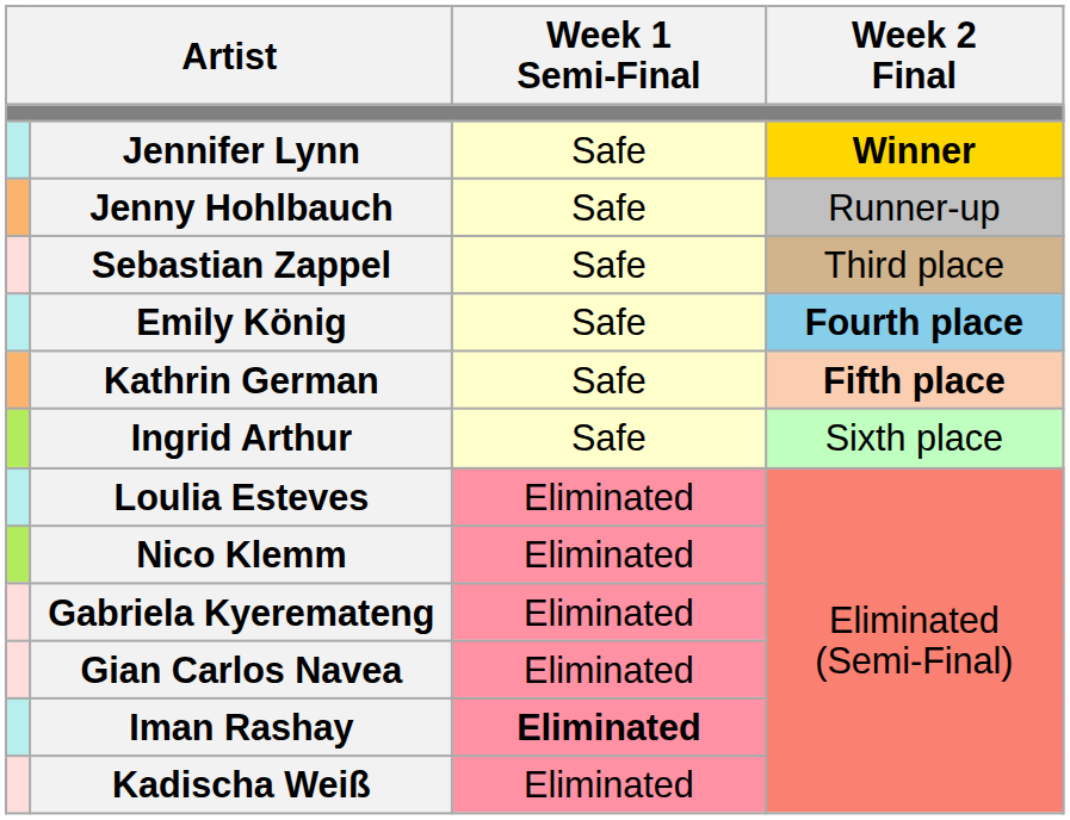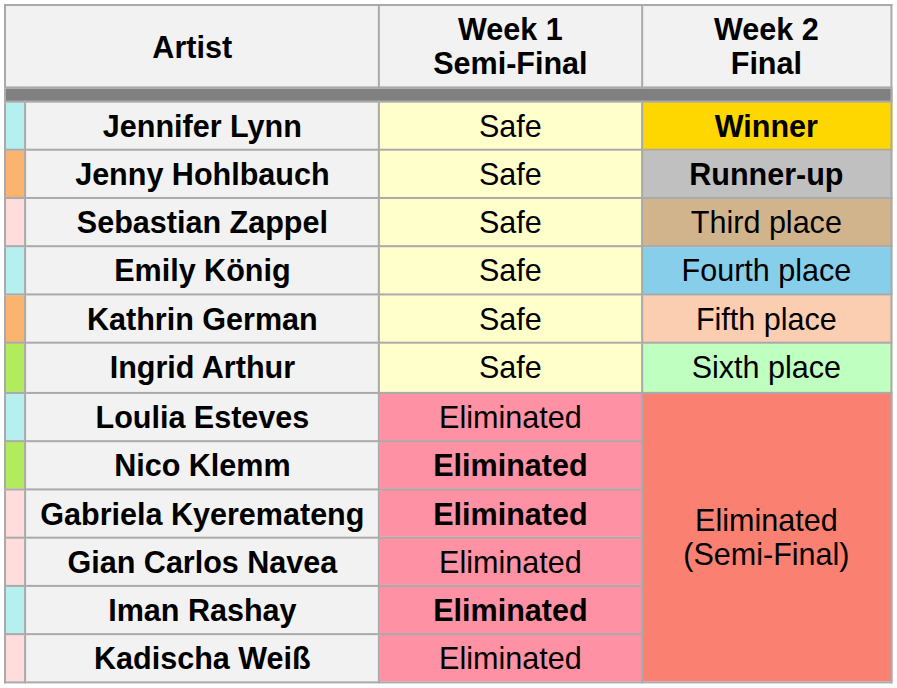 <table class="wikitable" style="text-align:center; font-size:95%; width:50%">
 <tr>
 <th colspan="2" style="width:18%">Artist</th>
 <th style="width:11%" scope="col">Week 1<br>Semi-Final</th>
 <th style="width:11%" scope="col">Week 2<br>Final</th>
 </tr>
 <tr>
 <th colspan="5" style="background:grey"></th>
 </tr>
 <tr>
 <th style="background:#b7efef"></th>
 <th>Jennifer Lynn</th>
 <td style="background:#FFFFCC">Safe</td>
 <td style="background:gold"><strong>Winner</strong></td>
 </tr>
 <tr>
 <th style="background:#fbb46e"></th>
 <th>Jenny Hohlbauch</th>
 <td style="background:#FFFFCC">Safe</td>
-<td style="background:silver">Runner-up</td>
+<td style="background:silver"><strong>Runner-up</strong></td>
 </tr>
 <tr>
 <th style="background:#ffdddd"></th>
 <th>Sebastian Zappel</th>
 <td style="background:#FFFFCC">Safe</td>
 <td style="background:tan">Third place</td>
 </tr>
 <tr>
 <th style="background:#b7efef"></th>
 <th>Emily König</th>
 <td style="background:#FFFFCC">Safe</td>
-<td style="background:skyblue"><strong>Fourth place</strong></td>
+<td style="background:skyblue">Fourth place</td>
 </tr>
 <tr>
 <th style="background:#fbb46e"></th>
 <th>Kathrin German</th>
 <td style="background:#FFFFCC">Safe</td>
-<td style="background:#fbceb1"><strong>Fifth place</strong></td>
+<td style="background:#fbceb1">Fifth place</td>
 </tr>
 <tr>
 <th style="background:#B2EC5D"></th>
 <th>Ingrid Arthur</th>
 <td style="background:#FFFFCC">Safe</td>
 <td style="background:#BFFFC0">Sixth place</td>
 </tr>
 <tr>
 <th style="background:#b7efef"></th>
 <th>Loulia Esteves</th>
 <td style="background:#FF91A4">Eliminated</td>
 <td rowspan=8 style="background:salmon">Eliminated<br>(Semi-Final)</td>
 </tr>
 <tr>
 <th style="background:#B2EC5D"></th>
 <th>Nico Klemm</th>
-<td style="background:#FF91A4">Eliminated</td>
+<td style="background:#FF91A4"><strong>Eliminated</strong></td>
 </tr>
 <tr>
 <th style="background:#ffdddd"></th>
 <th>Gabriela Kyeremateng</th>
-<td style="background:#FF91A4">Eliminated</td>
+<td style="background:#FF91A4"><strong>Eliminated</strong></td>
 </tr>
 <tr>
 <th style="background:#ffdddd"></th>
 <th>Gian Carlos Navea</th>
 <td style="background:#FF91A4">Eliminated</td>
 </tr>
 <tr>
 <th style="background:#b7efef"></th>
 <th>Iman Rashay</th>
 <td style="background:#FF91A4"><strong>Eliminated</strong></td>
 </tr>
 <tr>
 <th style="background:#ffdddd"></th>
 <th>Kadischa Weiß</th>
 <td style="background:#FF91A4">Eliminated</td>
 </tr>
 </table>
